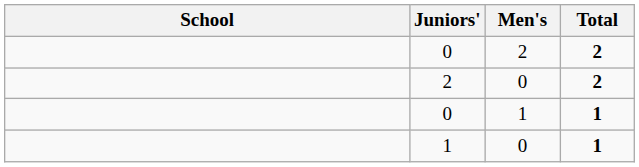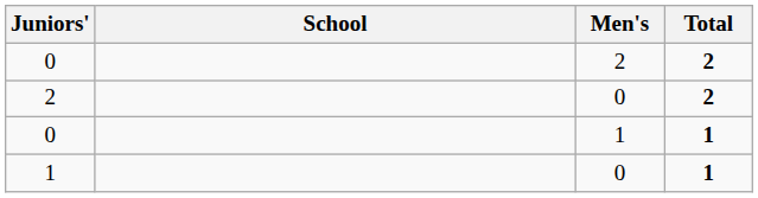 <table class="wikitable" style="font-size:90%;">
 <tr>
+<th width=50px>Juniors'</th>
 <th width=300px>School</th>
-<th width=50px>Juniors'</th>
 <th width=50px>Men's</th>
 <th width=50px>Total</th>
 </tr>
 <tr align="center">
+<td>0</td>
 <td align="left"></td>
-<td>0</td>
 <td>2</td>
 <td><strong>2</strong></td>
 </tr>
 <tr align="center">
+<td>2</td>
 <td align="left"></td>
-<td>2</td>
 <td>0</td>
 <td><strong>2</strong></td>
 </tr>
 <tr align="center">
+<td>0</td>
 <td align="left"></td>
-<td>0</td>
 <td>1</td>
 <td><strong>1</strong></td>
 </tr>
 <tr align="center">
+<td>1</td>
 <td align="left"></td>
-<td>1</td>
 <td>0</td>
 <td><strong>1</strong></td>
 </tr>
 </table>
